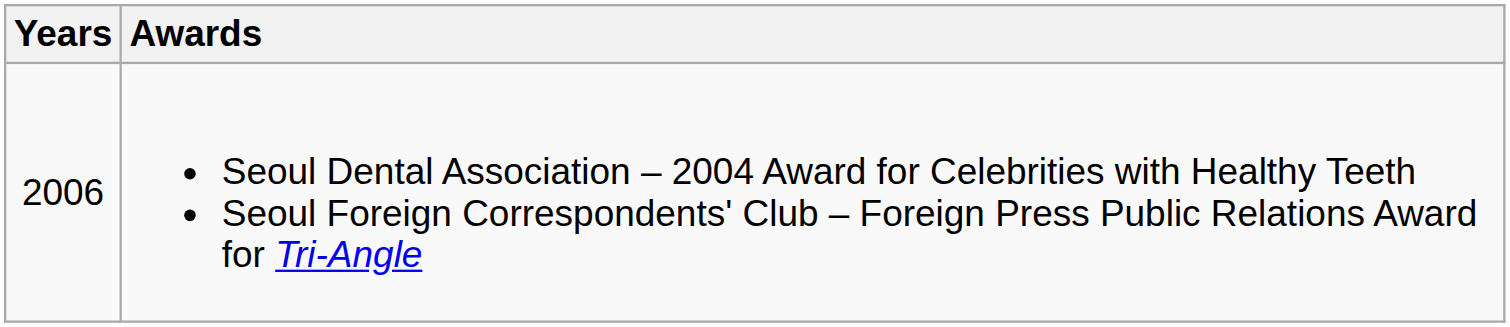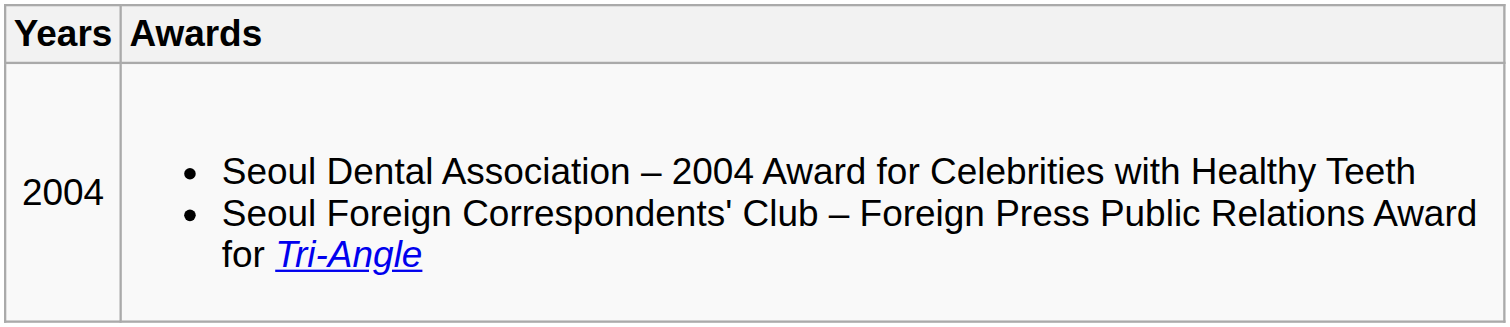 <table class="wikitable" style="width:650px;text-align:center;">
 <tr>
 <th>Years</th>
 <th style="text-align:left">Awards</th>
 </tr>
 <tr>
-<td>2006</td>
+<td>2004</td>
 <td style="text-align:left"><br><ul><li>Seoul Dental Association – 2004 Award for Celebrities with Healthy Teeth</li><li>Seoul Foreign Correspondents' Club – Foreign Press Public Relations Award for <em><a href='#'>Tri-Angle</a></em></li></ul></td>
 </tr>
 </table>
